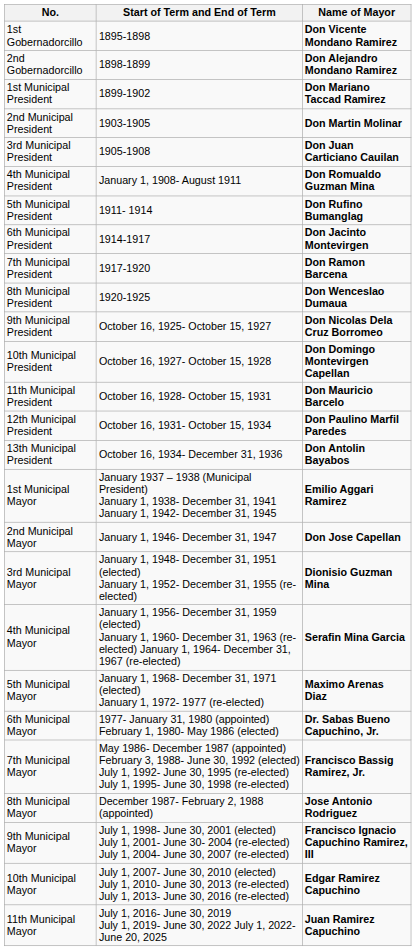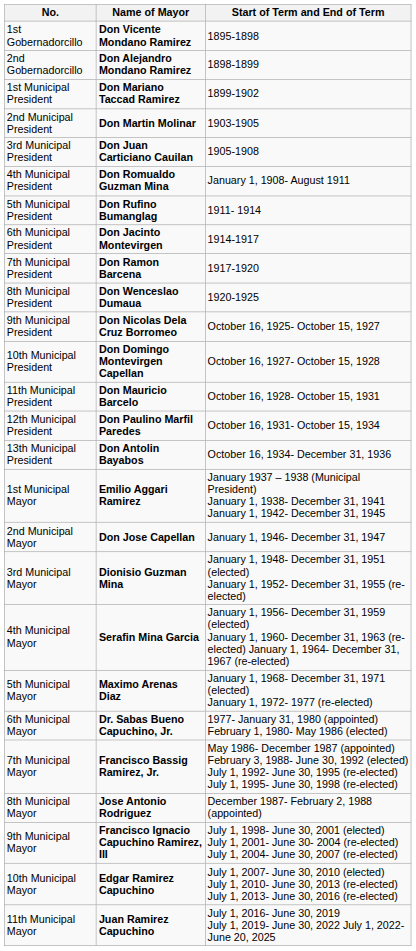 <table class="wikitable">
 <tr>
 <th>No.</th>
+<th>Name of Mayor</th>
 <th>Start of Term and End of Term</th>
-<th>Name of Mayor</th>
 </tr>
 <tr>
 <td>1st Gobernadorcillo</td>
+<td><strong>Don Vicente Mondano Ramirez</strong></td>
 <td>1895-1898</td>
-<td><strong>Don Vicente Mondano Ramirez</strong></td>
 </tr>
 <tr>
 <td>2nd Gobernadorcillo</td>
+<td><strong>Don Alejandro Mondano Ramirez</strong></td>
 <td>1898-1899</td>
-<td><strong>Don Alejandro Mondano Ramirez</strong></td>
 </tr>
 <tr>
 <td>1st Municipal President</td>
+<td><strong>Don Mariano Taccad Ramirez</strong></td>
 <td>1899-1902</td>
-<td><strong>Don Mariano Taccad Ramirez</strong></td>
 </tr>
 <tr>
 <td>2nd Municipal President</td>
+<td><strong>Don Martin Molinar</strong></td>
 <td>1903-1905</td>
-<td><strong>Don Martin Molinar</strong></td>
 </tr>
 <tr>
 <td>3rd Municipal President</td>
+<td><strong>Don Juan Carticiano Cauilan</strong></td>
 <td>1905-1908</td>
-<td><strong>Don Juan Carticiano Cauilan</strong></td>
 </tr>
 <tr>
 <td>4th Municipal President</td>
+<td><strong>Don Romualdo Guzman Mina</strong></td>
 <td>January 1, 1908- August 1911</td>
-<td><strong>Don Romualdo Guzman Mina</strong></td>
 </tr>
 <tr>
 <td>5th Municipal President</td>
+<td><strong>Don Rufino Bumanglag</strong></td>
 <td>1911- 1914</td>
-<td><strong>Don Rufino Bumanglag</strong></td>
 </tr>
 <tr>
 <td>6th Municipal President</td>
+<td><strong>Don Jacinto Montevirgen</strong></td>
 <td>1914-1917</td>
-<td><strong>Don Jacinto Montevirgen</strong></td>
 </tr>
 <tr>
 <td>7th Municipal President</td>
+<td><strong>Don Ramon Barcena</strong></td>
 <td>1917-1920</td>
-<td><strong>Don Ramon Barcena</strong></td>
 </tr>
 <tr>
 <td>8th Municipal President</td>
+<td><strong>Don Wenceslao Dumaua</strong></td>
 <td>1920-1925</td>
-<td><strong>Don Wenceslao Dumaua</strong></td>
 </tr>
 <tr>
 <td>9th Municipal President</td>
+<td><strong>Don Nicolas Dela Cruz Borromeo</strong></td>
 <td>October 16, 1925- October 15, 1927</td>
-<td><strong>Don Nicolas Dela Cruz Borromeo</strong></td>
 </tr>
 <tr>
 <td>10th Municipal President</td>
+<td><strong>Don Domingo Montevirgen Capellan</strong></td>
 <td>October 16, 1927- October 15, 1928</td>
-<td><strong>Don Domingo Montevirgen Capellan</strong></td>
 </tr>
 <tr>
 <td>11th Municipal President</td>
+<td><strong>Don Mauricio Barcelo</strong></td>
 <td>October 16, 1928- October 15, 1931</td>
-<td><strong>Don Mauricio Barcelo</strong></td>
 </tr>
 <tr>
 <td>12th Municipal President</td>
+<td><strong>Don Paulino Marfil Paredes</strong></td>
 <td>October 16, 1931- October 15, 1934</td>
-<td><strong>Don Paulino Marfil Paredes</strong></td>
 </tr>
 <tr>
 <td>13th Municipal President</td>
+<td><strong>Don Antolin Bayabos</strong></td>
 <td>October 16, 1934- December 31, 1936</td>
-<td><strong>Don Antolin Bayabos</strong></td>
 </tr>
 <tr>
 <td>1st Municipal Mayor</td>
+<td><strong>Emilio Aggari Ramirez</strong></td>
 <td>January 1937 – 1938 (Municipal President)<br>January 1, 1938- December 31, 1941 January 1, 1942- December 31, 1945</td>
-<td><strong>Emilio Aggari Ramirez</strong></td>
 </tr>
 <tr>
 <td>2nd Municipal Mayor</td>
+<td><strong>Don Jose Capellan</strong></td>
 <td>January 1, 1946- December 31, 1947</td>
-<td><strong>Don Jose Capellan</strong></td>
 </tr>
 <tr>
 <td>3rd Municipal Mayor</td>
+<td><strong>Dionisio Guzman Mina</strong></td>
 <td>January 1, 1948- December 31, 1951 (elected)<br>January 1, 1952- December 31, 1955 (re-elected)</td>
-<td><strong>Dionisio Guzman Mina</strong></td>
 </tr>
 <tr>
 <td>4th Municipal Mayor</td>
+<td><strong>Serafin Mina Garcia</strong></td>
 <td>January 1, 1956- December 31, 1959 (elected)<br>January 1, 1960- December 31, 1963 (re-elected) January 1, 1964- December 31, 1967 (re-elected)</td>
-<td><strong>Serafin Mina Garcia</strong></td>
 </tr>
 <tr>
 <td>5th Municipal Mayor</td>
+<td><strong>Maximo Arenas Diaz</strong></td>
 <td>January 1, 1968- December 31, 1971 (elected)<br>January 1, 1972- 1977 (re-elected)</td>
-<td><strong>Maximo Arenas Diaz</strong></td>
 </tr>
 <tr>
 <td>6th Municipal Mayor</td>
+<td><strong>Dr. Sabas Bueno Capuchino, Jr.</strong></td>
 <td>1977- January 31, 1980 (appointed)<br>February 1, 1980- May 1986 (elected)</td>
-<td><strong>Dr. Sabas Bueno Capuchino, Jr.</strong></td>
 </tr>
 <tr>
 <td>7th Municipal Mayor</td>
+<td><strong>Francisco Bassig Ramirez, Jr.</strong></td>
 <td>May 1986- December 1987 (appointed)<br>February 3, 1988- June 30, 1992 (elected)  July 1, 1992- June 30, 1995 (re-elected)  July 1, 1995- June 30, 1998 (re-elected)</td>
-<td><strong>Francisco Bassig Ramirez, Jr.</strong></td>
 </tr>
 <tr>
 <td>8th Municipal Mayor</td>
+<td><strong>Jose Antonio Rodriguez</strong></td>
 <td>December 1987- February 2, 1988 (appointed)</td>
-<td><strong>Jose Antonio Rodriguez</strong></td>
 </tr>
 <tr>
 <td>9th Municipal Mayor</td>
+<td><strong>Francisco Ignacio Capuchino Ramirez, III</strong></td>
 <td>July 1, 1998- June 30, 2001 (elected)<br>July 1, 2001- June 30- 2004 (re-elected) July 1, 2004- June 30, 2007 (re-elected)</td>
-<td><strong>Francisco Ignacio Capuchino Ramirez, III</strong></td>
 </tr>
 <tr>
 <td>10th Municipal Mayor</td>
+<td><strong>Edgar Ramirez Capuchino</strong></td>
 <td>July 1, 2007- June 30, 2010 (elected)<br>July 1, 2010- June 30, 2013 (re-elected) July 1, 2013- June 30, 2016 (re-elected)</td>
-<td><strong>Edgar Ramirez Capuchino</strong></td>
 </tr>
 <tr>
 <td>11th Municipal Mayor</td>
+<td><strong>Juan Ramirez Capuchino</strong></td>
 <td>July 1, 2016- June 30, 2019<br>July 1, 2019- June 30, 2022 July 1, 2022- June 20, 2025</td>
-<td><strong>Juan Ramirez Capuchino</strong></td>
 </tr>
 </table>
